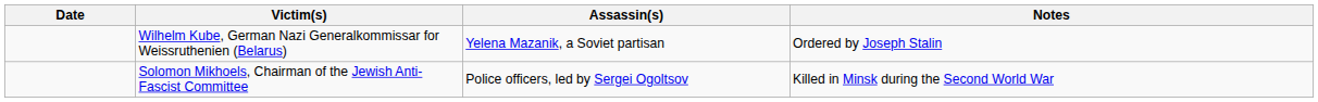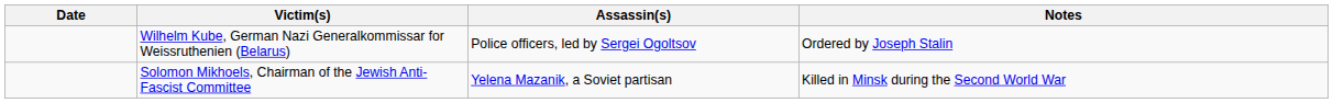 <table class="wikitable sortable" style="width:100%">
 <tr>
 <th style="width:10%">Date</th>
 <th style="width:25%">Victim(s)</th>
 <th style="width:25%">Assassin(s)</th>
 <th style="width:40%">Notes</th>
 </tr>
 <tr>
 <td></td>
 <td><a href='#'>Wilhelm Kube</a>, German Nazi Generalkommissar for Weissruthenien (<a href='#'>Belarus</a>)</td>
-<td><a href='#'>Yelena Mazanik</a>, a Soviet partisan</td>
+<td>Police officers, led by <a href='#'>Sergei Ogoltsov</a></td>
 <td>Ordered by <a href='#'>Joseph Stalin</a></td>
 </tr>
 <tr>
 <td></td>
 <td><a href='#'>Solomon Mikhoels</a>, Chairman of the <a href='#'>Jewish Anti-Fascist Committee</a></td>
-<td>Police officers, led by <a href='#'>Sergei Ogoltsov</a></td>
+<td><a href='#'>Yelena Mazanik</a>, a Soviet partisan</td>
 <td>Killed in <a href='#'>Minsk</a> during the <a href='#'>Second World War</a></td>
 </tr>
 </table>
